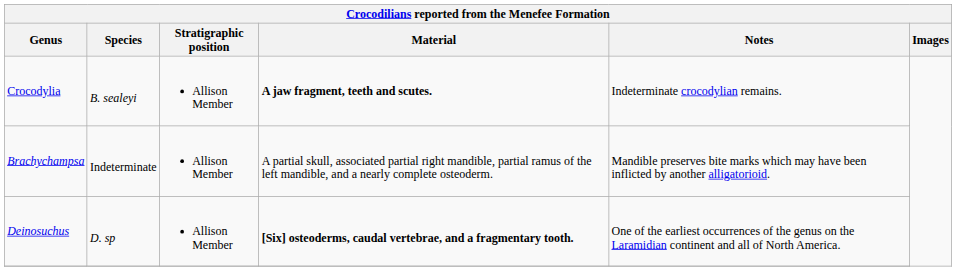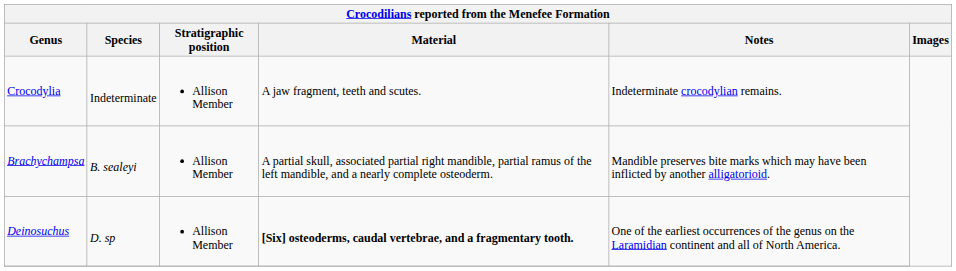 <table class="wikitable" align="center" width="100%">
 <tr>
 <th colspan="7" style="text-align:center;"><strong><a href='#'>Crocodilians</a> reported from the Menefee Formation</strong></th>
 </tr>
 <tr>
 <th>Genus</th>
 <th>Species</th>
 <th>Stratigraphic position</th>
 <th>Material</th>
 <th>Notes</th>
 <th>Images</th>
 </tr>
 <tr>
 <td><a href='#'>Crocodylia</a></td>
-<td><br><em>B. sealeyi</em></td>
+<td><br>Indeterminate</td>
 <td><br><ul><li>Allison Member</li></ul></td>
-<td><strong>A jaw fragment, teeth and scutes.</strong></td>
+<td>A jaw fragment, teeth and scutes.</td>
 <td>Indeterminate <a href='#'>crocodylian</a> remains.</td>
 <td rowspan="99"><br> </td>
 </tr>
 <tr>
 <td><em><a href='#'>Brachychampsa</a></em></td>
-<td><br>Indeterminate</td>
+<td><br><em>B. sealeyi</em></td>
 <td><br><ul><li>Allison Member</li></ul></td>
 <td><br>A partial skull, associated partial right mandible, partial ramus of the left mandible, and a nearly complete osteoderm.</td>
 <td><br>Mandible preserves bite marks which may have been inflicted by another <a href='#'>alligatorioid</a>.</td>
 </tr>
 <tr>
 <td><em><a href='#'>Deinosuchus</a></em></td>
 <td><br><em>D. sp</em></td>
 <td><br><ul><li>Allison Member</li></ul></td>
 <td><strong><br>[Six] osteoderms,  caudal vertebrae, and a fragmentary tooth.</strong></td>
 <td><br>One of the earliest occurrences of the genus on the <a href='#'>Laramidian</a> continent and all of North America.</td>
 </tr>
 <tr>
 </tr>
 </table>
